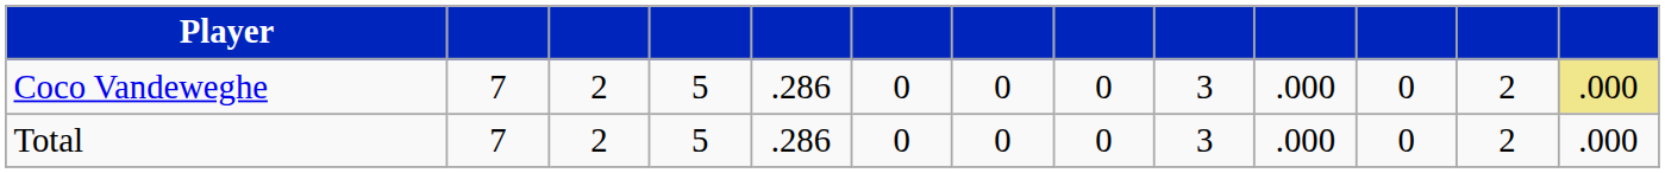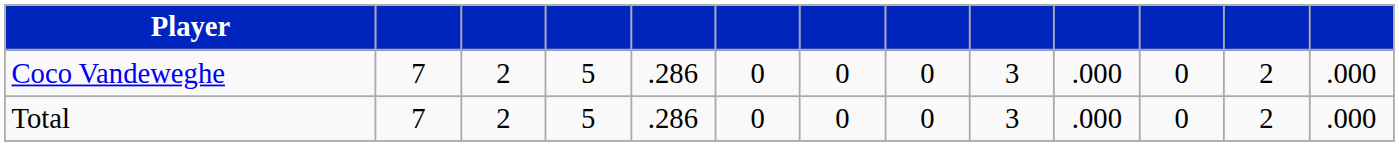 <table class="wikitable" style="text-align:center">
 <tr>
 <th style="background:#0025BD; color:white" width="200px">Player</th>
 <th style="background:#0025BD; color:white" width="40px"></th>
 <th style="background:#0025BD; color:white" width="40px"></th>
 <th style="background:#0025BD; color:white" width="40px"></th>
 <th style="background:#0025BD; color:white" width="40px"></th>
 <th style="background:#0025BD; color:white" width="40px"></th>
 <th style="background:#0025BD; color:white" width="40px"></th>
 <th style="background:#0025BD; color:white" width="40px"></th>
 <th style="background:#0025BD; color:white" width="40px"></th>
 <th style="background:#0025BD; color:white" width="40px"></th>
 <th style="background:#0025BD; color:white" width="40px"></th>
 <th style="background:#0025BD; color:white" width="40px"></th>
 <th style="background:#0025BD; color:white" width="40px"></th>
 </tr>
 <tr>
 <td style="text-align:left"><a href='#'>Coco Vandeweghe</a></td>
 <td>7</td>
 <td>2</td>
 <td>5</td>
 <td>.286</td>
 <td>0</td>
 <td>0</td>
 <td>0</td>
 <td>3</td>
 <td>.000</td>
 <td>0</td>
 <td>2</td>
-<td style="background: khaki;">.000</td>
+<td>.000</td>
 </tr>
 <tr>
 <td style="text-align:left">Total</td>
 <td>7</td>
 <td>2</td>
 <td>5</td>
 <td>.286</td>
 <td>0</td>
 <td>0</td>
 <td>0</td>
 <td>3</td>
 <td>.000</td>
 <td>0</td>
 <td>2</td>
 <td>.000</td>
 </tr>
 </table>
